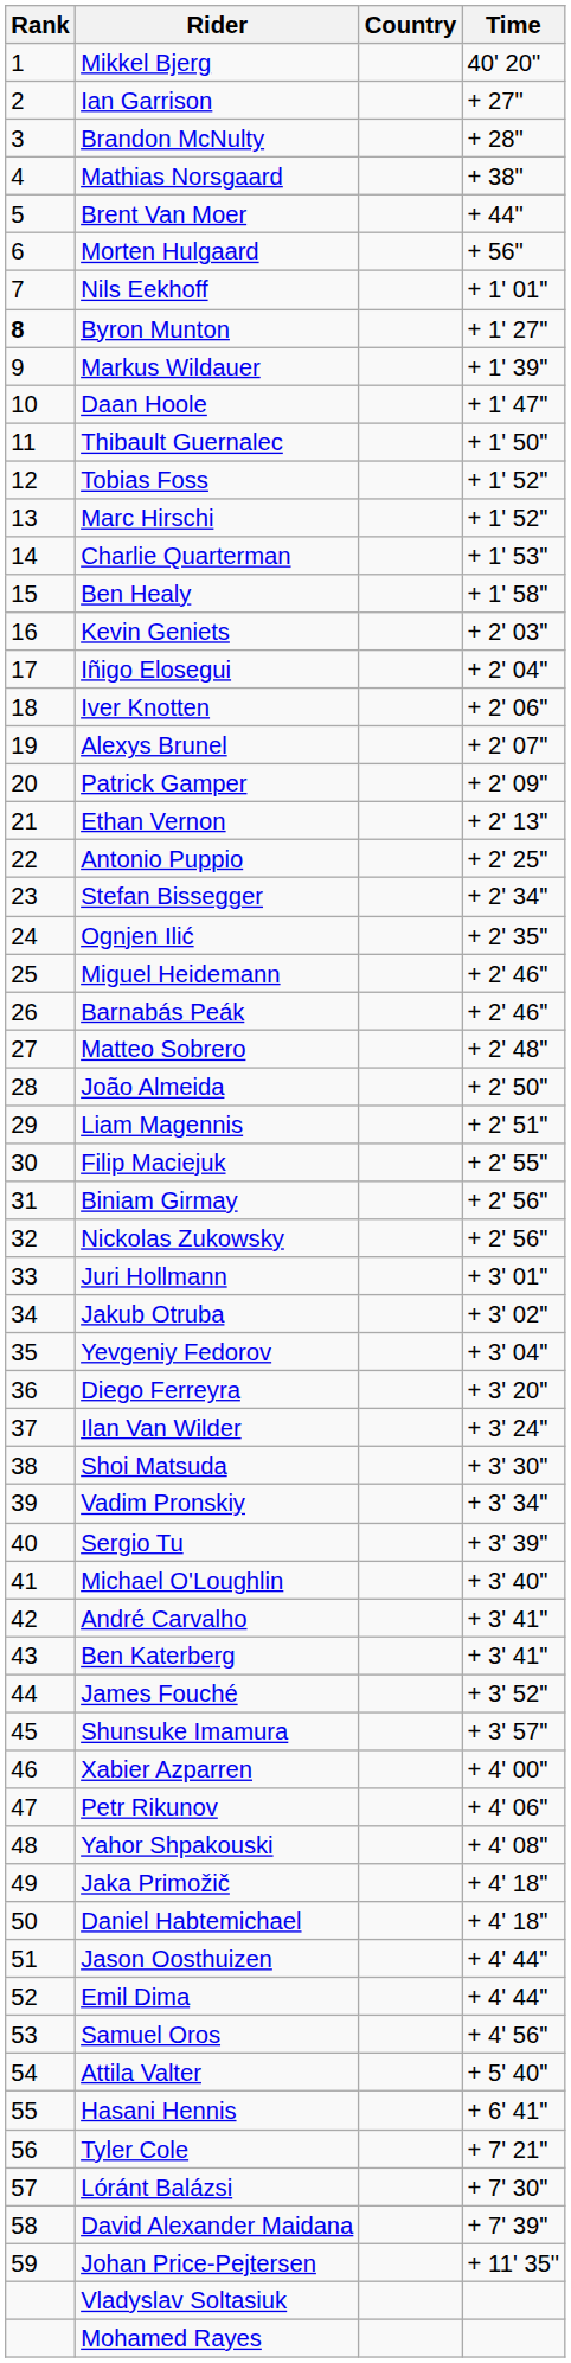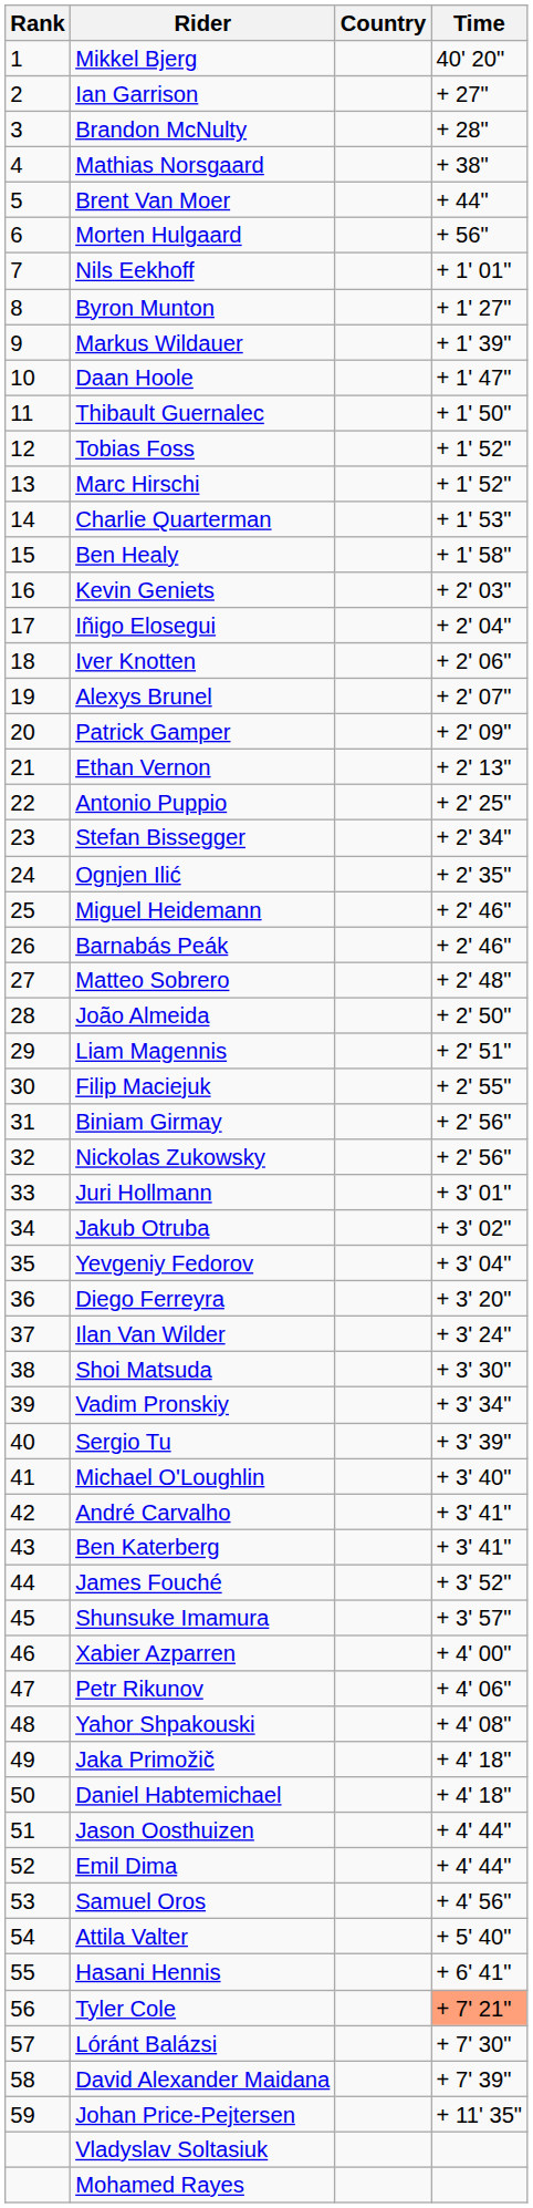 <table class="wikitable" style="font-size:95%; text-align:left;">
 <tr>
 <th>Rank</th>
 <th>Rider</th>
 <th>Country</th>
 <th>Time</th>
 </tr>
 <tr>
 <td>1</td>
 <td><a href='#'>Mikkel Bjerg</a></td>
 <td></td>
 <td>40' 20"</td>
 </tr>
 <tr>
 <td>2</td>
 <td><a href='#'>Ian Garrison</a></td>
 <td></td>
 <td>+ 27"</td>
 </tr>
 <tr>
 <td>3</td>
 <td><a href='#'>Brandon McNulty</a></td>
 <td></td>
 <td>+ 28"</td>
 </tr>
 <tr>
 <td>4</td>
 <td><a href='#'>Mathias Norsgaard</a></td>
 <td></td>
 <td>+ 38"</td>
 </tr>
 <tr>
 <td>5</td>
 <td><a href='#'>Brent Van Moer</a></td>
 <td></td>
 <td>+ 44"</td>
 </tr>
 <tr>
 <td>6</td>
 <td><a href='#'>Morten Hulgaard</a></td>
 <td></td>
 <td>+ 56"</td>
 </tr>
 <tr>
 <td>7</td>
 <td><a href='#'>Nils Eekhoff</a></td>
 <td></td>
 <td>+ 1' 01"</td>
 </tr>
 <tr>
-<td><strong>8</strong></td>
+<td>8</td>
 <td><a href='#'>Byron Munton</a></td>
 <td></td>
 <td>+ 1' 27"</td>
 </tr>
 <tr>
 <td>9</td>
 <td><a href='#'>Markus Wildauer</a></td>
 <td></td>
 <td>+ 1' 39"</td>
 </tr>
 <tr>
 <td>10</td>
 <td><a href='#'>Daan Hoole</a></td>
 <td></td>
 <td>+ 1' 47"</td>
 </tr>
 <tr>
 <td>11</td>
 <td><a href='#'>Thibault Guernalec</a></td>
 <td></td>
 <td>+ 1' 50"</td>
 </tr>
 <tr>
 <td>12</td>
 <td><a href='#'>Tobias Foss</a></td>
 <td></td>
 <td>+ 1' 52"</td>
 </tr>
 <tr>
 <td>13</td>
 <td><a href='#'>Marc Hirschi</a></td>
 <td></td>
 <td>+ 1' 52"</td>
 </tr>
 <tr>
 <td>14</td>
 <td><a href='#'>Charlie Quarterman</a></td>
 <td></td>
 <td>+ 1' 53"</td>
 </tr>
 <tr>
 <td>15</td>
 <td><a href='#'>Ben Healy</a></td>
 <td></td>
 <td>+ 1' 58"</td>
 </tr>
 <tr>
 <td>16</td>
 <td><a href='#'>Kevin Geniets</a></td>
 <td></td>
 <td>+ 2' 03"</td>
 </tr>
 <tr>
 <td>17</td>
 <td><a href='#'>Iñigo Elosegui</a></td>
 <td></td>
 <td>+ 2' 04"</td>
 </tr>
 <tr>
 <td>18</td>
 <td><a href='#'>Iver Knotten</a></td>
 <td></td>
 <td>+ 2' 06"</td>
 </tr>
 <tr>
 <td>19</td>
 <td><a href='#'>Alexys Brunel</a></td>
 <td></td>
 <td>+ 2' 07"</td>
 </tr>
 <tr>
 <td>20</td>
 <td><a href='#'>Patrick Gamper</a></td>
 <td></td>
 <td>+ 2' 09"</td>
 </tr>
 <tr>
 <td>21</td>
 <td><a href='#'>Ethan Vernon</a></td>
 <td></td>
 <td>+ 2' 13"</td>
 </tr>
 <tr>
 <td>22</td>
 <td><a href='#'>Antonio Puppio</a></td>
 <td></td>
 <td>+ 2' 25"</td>
 </tr>
 <tr>
 <td>23</td>
 <td><a href='#'>Stefan Bissegger</a></td>
 <td></td>
 <td>+ 2' 34"</td>
 </tr>
 <tr>
 <td>24</td>
 <td><a href='#'>Ognjen Ilić</a></td>
 <td></td>
 <td>+ 2' 35"</td>
 </tr>
 <tr>
 <td>25</td>
 <td><a href='#'>Miguel Heidemann</a></td>
 <td></td>
 <td>+ 2' 46"</td>
 </tr>
 <tr>
 <td>26</td>
 <td><a href='#'>Barnabás Peák</a></td>
 <td></td>
 <td>+ 2' 46"</td>
 </tr>
 <tr>
 <td>27</td>
 <td><a href='#'>Matteo Sobrero</a></td>
 <td></td>
 <td>+ 2' 48"</td>
 </tr>
 <tr>
 <td>28</td>
 <td><a href='#'>João Almeida</a></td>
 <td></td>
 <td>+ 2' 50"</td>
 </tr>
 <tr>
 <td>29</td>
 <td><a href='#'>Liam Magennis</a></td>
 <td></td>
 <td>+ 2' 51"</td>
 </tr>
 <tr>
 <td>30</td>
 <td><a href='#'>Filip Maciejuk</a></td>
 <td></td>
 <td>+ 2' 55"</td>
 </tr>
 <tr>
 <td>31</td>
 <td><a href='#'>Biniam Girmay</a></td>
 <td></td>
 <td>+ 2' 56"</td>
 </tr>
 <tr>
 <td>32</td>
 <td><a href='#'>Nickolas Zukowsky</a></td>
 <td></td>
 <td>+ 2' 56"</td>
 </tr>
 <tr>
 <td>33</td>
 <td><a href='#'>Juri Hollmann</a></td>
 <td></td>
 <td>+ 3' 01"</td>
 </tr>
 <tr>
 <td>34</td>
 <td><a href='#'>Jakub Otruba</a></td>
 <td></td>
 <td>+ 3' 02"</td>
 </tr>
 <tr>
 <td>35</td>
 <td><a href='#'>Yevgeniy Fedorov</a></td>
 <td></td>
 <td>+ 3' 04"</td>
 </tr>
 <tr>
 <td>36</td>
 <td><a href='#'>Diego Ferreyra</a></td>
 <td></td>
 <td>+ 3' 20"</td>
 </tr>
 <tr>
 <td>37</td>
 <td><a href='#'>Ilan Van Wilder</a></td>
 <td></td>
 <td>+ 3' 24"</td>
 </tr>
 <tr>
 <td>38</td>
 <td><a href='#'>Shoi Matsuda</a></td>
 <td></td>
 <td>+ 3' 30"</td>
 </tr>
 <tr>
 <td>39</td>
 <td><a href='#'>Vadim Pronskiy</a></td>
 <td></td>
 <td>+ 3' 34"</td>
 </tr>
 <tr>
 <td>40</td>
 <td><a href='#'>Sergio Tu</a></td>
 <td></td>
 <td>+ 3' 39"</td>
 </tr>
 <tr>
 <td>41</td>
 <td><a href='#'>Michael O'Loughlin</a></td>
 <td></td>
 <td>+ 3' 40"</td>
 </tr>
 <tr>
 <td>42</td>
 <td><a href='#'>André Carvalho</a></td>
 <td></td>
 <td>+ 3' 41"</td>
 </tr>
 <tr>
 <td>43</td>
 <td><a href='#'>Ben Katerberg</a></td>
 <td></td>
 <td>+ 3' 41"</td>
 </tr>
 <tr>
 <td>44</td>
 <td><a href='#'>James Fouché</a></td>
 <td></td>
 <td>+ 3' 52"</td>
 </tr>
 <tr>
 <td>45</td>
 <td><a href='#'>Shunsuke Imamura</a></td>
 <td></td>
 <td>+ 3' 57"</td>
 </tr>
 <tr>
 <td>46</td>
 <td><a href='#'>Xabier Azparren</a></td>
 <td></td>
 <td>+ 4' 00"</td>
 </tr>
 <tr>
 <td>47</td>
 <td><a href='#'>Petr Rikunov</a></td>
 <td></td>
 <td>+ 4' 06"</td>
 </tr>
 <tr>
 <td>48</td>
 <td><a href='#'>Yahor Shpakouski</a></td>
 <td></td>
 <td>+ 4' 08"</td>
 </tr>
 <tr>
 <td>49</td>
 <td><a href='#'>Jaka Primožič</a></td>
 <td></td>
 <td>+ 4' 18"</td>
 </tr>
 <tr>
 <td>50</td>
 <td><a href='#'>Daniel Habtemichael</a></td>
 <td></td>
 <td>+ 4' 18"</td>
 </tr>
 <tr>
 <td>51</td>
 <td><a href='#'>Jason Oosthuizen</a></td>
 <td></td>
 <td>+ 4' 44"</td>
 </tr>
 <tr>
 <td>52</td>
 <td><a href='#'>Emil Dima</a></td>
 <td></td>
 <td>+ 4' 44"</td>
 </tr>
 <tr>
 <td>53</td>
 <td><a href='#'>Samuel Oros</a></td>
 <td></td>
 <td>+ 4' 56"</td>
 </tr>
 <tr>
 <td>54</td>
 <td><a href='#'>Attila Valter</a></td>
 <td></td>
 <td>+ 5' 40"</td>
 </tr>
 <tr>
 <td>55</td>
 <td><a href='#'>Hasani Hennis</a></td>
 <td></td>
 <td>+ 6' 41"</td>
 </tr>
 <tr>
 <td>56</td>
 <td><a href='#'>Tyler Cole</a></td>
 <td></td>
-<td>+ 7' 21"</td>
+<td style="background: lightsalmon;">+ 7' 21"</td>
 </tr>
 <tr>
 <td>57</td>
 <td><a href='#'>Lóránt Balázsi</a></td>
 <td></td>
 <td>+ 7' 30"</td>
 </tr>
 <tr>
 <td>58</td>
 <td><a href='#'>David Alexander Maidana</a></td>
 <td></td>
 <td>+ 7' 39"</td>
 </tr>
 <tr>
 <td>59</td>
 <td><a href='#'>Johan Price-Pejtersen</a></td>
 <td></td>
 <td>+ 11' 35"</td>
 </tr>
 <tr>
 <td></td>
 <td><a href='#'>Vladyslav Soltasiuk</a></td>
 <td></td>
 <td></td>
 </tr>
 <tr>
 <td></td>
 <td><a href='#'>Mohamed Rayes</a></td>
 <td></td>
 <td></td>
 </tr>
 </table>
